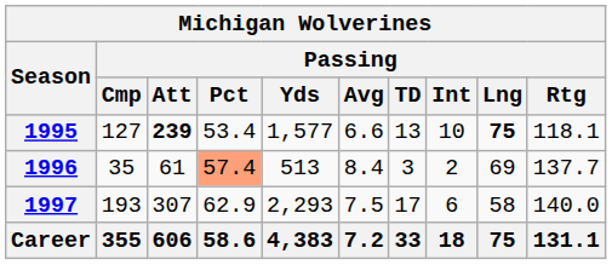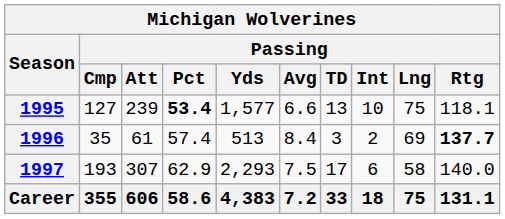 <table class="wikitable" style="text-align:center;">
 <tr>
 <th colspan="11">Michigan Wolverines</th>
 </tr>
 <tr>
 <th rowspan="2">Season</th>
 <th colspan="11">Passing</th>
 </tr>
 <tr>
 <th>Cmp</th>
 <th>Att</th>
 <th>Pct</th>
 <th>Yds</th>
 <th>Avg</th>
 <th>TD</th>
 <th>Int</th>
 <th>Lng</th>
 <th>Rtg</th>
 </tr>
 <tr>
 <th><a href='#'>1995</a></th>
 <td>127</td>
-<td><strong>239</strong></td>
-<td>53.4</td>
+<td>239</td>
+<td><strong>53.4</strong></td>
 <td>1,577</td>
 <td>6.6</td>
 <td>13</td>
 <td>10</td>
-<td><strong>75</strong></td>
+<td>75</td>
 <td>118.1</td>
 </tr>
 <tr>
 <th><a href='#'>1996</a></th>
 <td>35</td>
 <td>61</td>
-<td style="background: lightsalmon;">57.4</td>
+<td>57.4</td>
 <td>513</td>
 <td>8.4</td>
 <td>3</td>
 <td>2</td>
 <td>69</td>
-<td>137.7</td>
+<td><strong>137.7</strong></td>
 </tr>
 <tr>
 <th><a href='#'>1997</a></th>
 <td>193</td>
 <td>307</td>
 <td>62.9</td>
 <td>2,293</td>
 <td>7.5</td>
 <td>17</td>
 <td>6</td>
 <td>58</td>
 <td>140.0</td>
 </tr>
 <tr>
 <th>Career</th>
 <th>355</th>
 <th>606</th>
 <th>58.6</th>
 <th>4,383</th>
 <th>7.2</th>
 <th>33</th>
 <th>18</th>
 <th>75</th>
 <th>131.1</th>
 </tr>
 </table>
